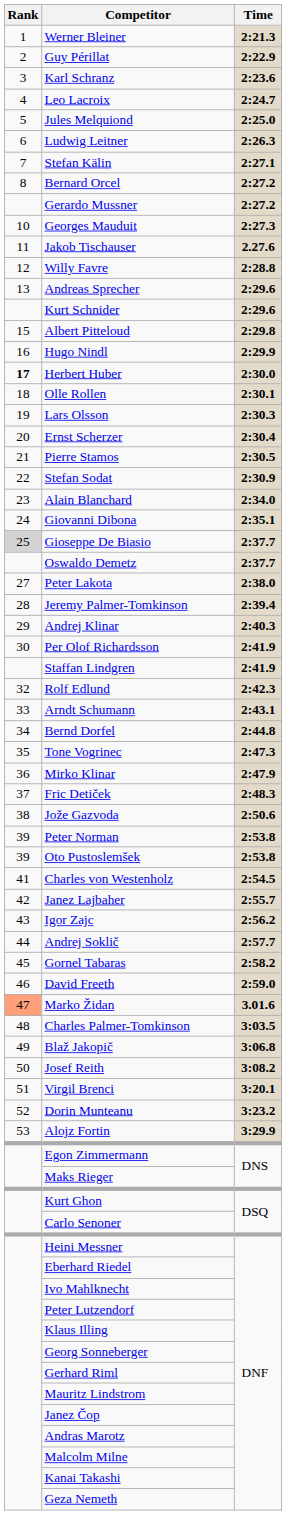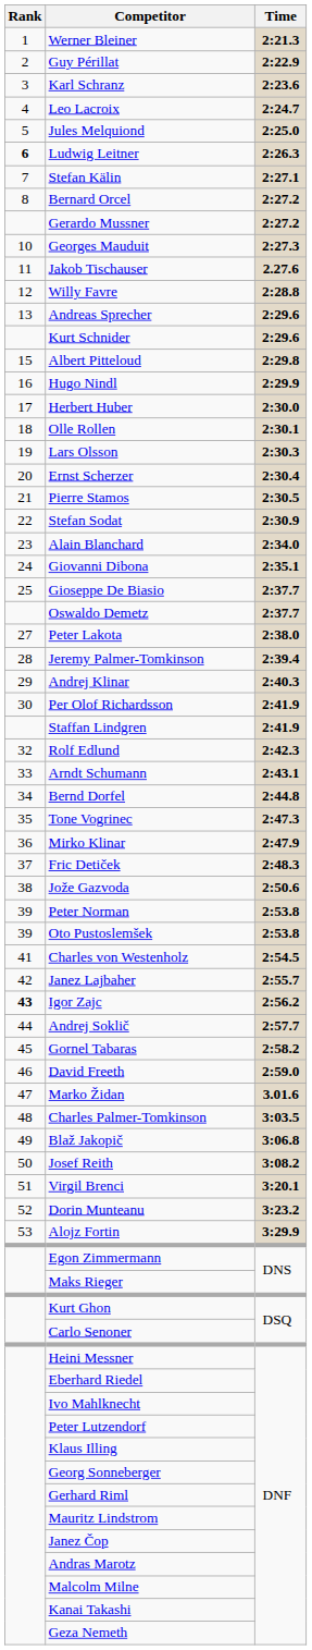 <table class="wikitable">
 <tr>
 <th width=35>Rank</th>
 <th width=225>Competitor</th>
 <th width=50>Time</th>
 </tr>
 <tr>
 <td align=center>1</td>
 <td> <a href='#'>Werner Bleiner</a></td>
 <td align=center bgcolor=#E3DAC9><strong>2:21.3</strong></td>
 </tr>
 <tr>
 <td align=center>2</td>
 <td> <a href='#'>Guy Périllat</a></td>
 <td align=center bgcolor=#E3DAC9><strong>2:22.9</strong></td>
 </tr>
 <tr>
 <td align=center>3</td>
 <td> <a href='#'>Karl Schranz</a></td>
 <td align=center bgcolor=#E3DAC9><strong>2:23.6</strong></td>
 </tr>
 <tr>
 <td align=center>4</td>
 <td> <a href='#'>Leo Lacroix</a></td>
 <td align=center bgcolor=#E3DAC9><strong>2:24.7</strong></td>
 </tr>
 <tr>
 <td align=center>5</td>
 <td> <a href='#'>Jules Melquiond</a></td>
 <td align=center bgcolor=#E3DAC9><strong>2:25.0</strong></td>
 </tr>
 <tr>
-<td align=center>6</td>
+<td align=center><strong>6</strong></td>
 <td> <a href='#'>Ludwig Leitner</a></td>
 <td align=center bgcolor=#E3DAC9><strong>2:26.3</strong></td>
 </tr>
 <tr>
 <td align=center>7</td>
 <td> <a href='#'>Stefan Kälin</a></td>
 <td align=center bgcolor=#E3DAC9><strong>2:27.1</strong></td>
 </tr>
 <tr>
 <td align=center>8</td>
 <td> <a href='#'>Bernard Orcel</a></td>
 <td align=center bgcolor=#E3DAC9><strong>2:27.2</strong></td>
 </tr>
 <tr>
 <td align=center></td>
 <td> <a href='#'>Gerardo Mussner</a></td>
 <td align=center bgcolor=#E3DAC9><strong>2:27.2</strong></td>
 </tr>
 <tr>
 <td align=center>10</td>
 <td> <a href='#'>Georges Mauduit</a></td>
 <td align=center bgcolor=#E3DAC9><strong>2:27.3</strong></td>
 </tr>
 <tr>
 <td align=center>11</td>
 <td> <a href='#'>Jakob Tischauser</a></td>
 <td align=center bgcolor=#E3DAC9><strong>2.27.6</strong></td>
 </tr>
 <tr>
 <td align=center>12</td>
 <td> <a href='#'>Willy Favre</a></td>
 <td align=center bgcolor=#E3DAC9><strong>2:28.8</strong></td>
 </tr>
 <tr>
 <td align=center>13</td>
 <td> <a href='#'>Andreas Sprecher</a></td>
 <td align=center bgcolor=#E3DAC9><strong>2:29.6</strong></td>
 </tr>
 <tr>
 <td></td>
 <td> <a href='#'>Kurt Schnider</a></td>
 <td align=center bgcolor=#E3DAC9><strong>2:29.6</strong></td>
 </tr>
 <tr>
 <td align=center>15</td>
 <td> <a href='#'>Albert Pitteloud</a></td>
 <td align=center bgcolor=#E3DAC9><strong>2:29.8</strong></td>
 </tr>
 <tr>
 <td align=center>16</td>
 <td> <a href='#'>Hugo Nindl</a></td>
 <td align=center bgcolor=#E3DAC9><strong>2:29.9</strong></td>
 </tr>
 <tr>
-<td align=center><strong>17</strong></td>
+<td align=center>17</td>
 <td> <a href='#'>Herbert Huber</a></td>
 <td align=center bgcolor=#E3DAC9><strong>2:30.0</strong></td>
 </tr>
 <tr>
 <td align=center>18</td>
 <td> <a href='#'>Olle Rollen</a></td>
 <td align=center bgcolor=#E3DAC9><strong>2:30.1</strong></td>
 </tr>
 <tr>
 <td align=center>19</td>
 <td> <a href='#'>Lars Olsson</a></td>
 <td align=center bgcolor=#E3DAC9><strong>2:30.3</strong></td>
 </tr>
 <tr>
 <td align=center>20</td>
 <td> <a href='#'>Ernst Scherzer</a></td>
 <td align=center bgcolor=#E3DAC9><strong>2:30.4</strong></td>
 </tr>
 <tr>
 <td align=center>21</td>
 <td> <a href='#'>Pierre Stamos</a></td>
 <td align=center bgcolor=#E3DAC9><strong>2:30.5</strong></td>
 </tr>
 <tr>
 <td align=center>22</td>
 <td> <a href='#'>Stefan Sodat</a></td>
 <td align=center bgcolor=#E3DAC9><strong>2:30.9</strong></td>
 </tr>
 <tr>
 <td align=center>23</td>
 <td> <a href='#'>Alain Blanchard</a></td>
 <td align=center bgcolor=#E3DAC9><strong>2:34.0</strong></td>
 </tr>
 <tr>
 <td align=center>24</td>
 <td> <a href='#'>Giovanni Dibona</a></td>
 <td align=center bgcolor=#E3DAC9><strong>2:35.1</strong></td>
 </tr>
 <tr>
-<td align=center style="background: lightgrey;">25</td>
+<td align=center>25</td>
 <td> <a href='#'>Gioseppe De Biasio</a></td>
 <td align=center bgcolor=#E3DAC9><strong>2:37.7</strong></td>
 </tr>
 <tr>
 <td></td>
 <td> <a href='#'>Oswaldo Demetz</a></td>
 <td align=center bgcolor=#E3DAC9><strong>2:37.7</strong></td>
 </tr>
 <tr>
 <td align=center>27</td>
 <td> <a href='#'>Peter Lakota</a></td>
 <td align=center bgcolor=#E3DAC9><strong>2:38.0</strong></td>
 </tr>
 <tr>
 <td align=center>28</td>
 <td> <a href='#'>Jeremy Palmer-Tomkinson</a></td>
 <td align=center bgcolor=#E3DAC9><strong>2:39.4</strong></td>
 </tr>
 <tr>
 <td align=center>29</td>
 <td> <a href='#'>Andrej Klinar</a></td>
 <td align=center bgcolor=#E3DAC9><strong>2:40.3</strong></td>
 </tr>
 <tr>
 <td align=center>30</td>
 <td> <a href='#'>Per Olof Richardsson</a></td>
 <td align=center bgcolor=#E3DAC9><strong>2:41.9</strong></td>
 </tr>
 <tr>
 <td></td>
 <td> <a href='#'>Staffan Lindgren</a></td>
 <td align=center bgcolor=#E3DAC9><strong>2:41.9</strong></td>
 </tr>
 <tr>
 <td align=center>32</td>
 <td> <a href='#'>Rolf Edlund</a></td>
 <td align=center bgcolor=#E3DAC9><strong>2:42.3</strong></td>
 </tr>
 <tr>
 <td align=center>33</td>
 <td> <a href='#'>Arndt Schumann</a></td>
 <td align=center bgcolor=#E3DAC9><strong>2:43.1</strong></td>
 </tr>
 <tr>
 <td align=center>34</td>
 <td> <a href='#'>Bernd Dorfel</a></td>
 <td align=center bgcolor=#E3DAC9><strong>2:44.8</strong></td>
 </tr>
 <tr>
 <td align=center>35</td>
 <td> <a href='#'>Tone Vogrinec</a></td>
 <td align=center bgcolor=#E3DAC9><strong>2:47.3</strong></td>
 </tr>
 <tr>
 <td align=center>36</td>
 <td> <a href='#'>Mirko Klinar</a></td>
 <td align=center bgcolor=#E3DAC9><strong>2:47.9</strong></td>
 </tr>
 <tr>
 <td align=center>37</td>
 <td> <a href='#'>Fric Detiček</a></td>
 <td align=center bgcolor=#E3DAC9><strong>2:48.3</strong></td>
 </tr>
 <tr>
 <td align=center>38</td>
 <td> <a href='#'>Jože Gazvoda</a></td>
 <td align=center bgcolor=#E3DAC9><strong>2:50.6</strong></td>
 </tr>
 <tr>
 <td align=center>39</td>
 <td> <a href='#'>Peter Norman</a></td>
 <td align=center bgcolor=#E3DAC9><strong>2:53.8</strong></td>
 </tr>
 <tr>
 <td align=center>39</td>
 <td> <a href='#'>Oto Pustoslemšek</a></td>
 <td align=center bgcolor=#E3DAC9><strong>2:53.8</strong></td>
 </tr>
 <tr>
 <td align=center>41</td>
 <td> <a href='#'>Charles von Westenholz</a></td>
 <td align=center bgcolor=#E3DAC9><strong>2:54.5</strong></td>
 </tr>
 <tr>
 <td align=center>42</td>
 <td> <a href='#'>Janez Lajbaher</a></td>
 <td align=center bgcolor=#E3DAC9><strong>2:55.7</strong></td>
 </tr>
 <tr>
-<td align=center>43</td>
+<td align=center><strong>43</strong></td>
 <td> <a href='#'>Igor Zajc</a></td>
 <td align=center bgcolor=#E3DAC9><strong>2:56.2</strong></td>
 </tr>
 <tr>
 <td align=center>44</td>
 <td> <a href='#'>Andrej Soklič</a></td>
 <td align=center bgcolor=#E3DAC9><strong>2:57.7</strong></td>
 </tr>
 <tr>
 <td align=center>45</td>
 <td> <a href='#'>Gornel Tabaras</a></td>
 <td align=center bgcolor=#E3DAC9><strong>2:58.2</strong></td>
 </tr>
 <tr>
 <td align=center>46</td>
 <td> <a href='#'>David Freeth</a></td>
 <td align=center bgcolor=#E3DAC9><strong>2:59.0</strong></td>
 </tr>
 <tr>
-<td align=center style="background: lightsalmon;">47</td>
+<td align=center>47</td>
 <td> <a href='#'>Marko Židan</a></td>
 <td align=center bgcolor=#E3DAC9><strong>3.01.6</strong></td>
 </tr>
 <tr>
 <td align=center>48</td>
 <td> <a href='#'>Charles Palmer-Tomkinson</a></td>
 <td align=center bgcolor=#E3DAC9><strong>3:03.5</strong></td>
 </tr>
 <tr>
 <td align=center>49</td>
 <td> <a href='#'>Blaž Jakopič</a></td>
 <td align=center bgcolor=#E3DAC9><strong>3:06.8</strong></td>
 </tr>
 <tr>
 <td align=center>50</td>
 <td> <a href='#'>Josef Reith</a></td>
 <td align=center bgcolor=#E3DAC9><strong>3:08.2</strong></td>
 </tr>
 <tr>
 <td align=center>51</td>
 <td> <a href='#'>Virgil Brenci</a></td>
 <td align=center bgcolor=#E3DAC9><strong>3:20.1</strong></td>
 </tr>
 <tr>
 <td align=center>52</td>
 <td> <a href='#'>Dorin Munteanu</a></td>
 <td align=center bgcolor=#E3DAC9><strong>3:23.2</strong></td>
 </tr>
 <tr>
 <td align=center>53</td>
 <td> <a href='#'>Alojz Fortin</a></td>
 <td align=center bgcolor=#E3DAC9><strong>3:29.9</strong></td>
 </tr>
 <tr>
 <td rowspan=2 style="border-top-width:5px"></td>
 <td style="border-top-width:5px"> <a href='#'>Egon Zimmermann</a></td>
 <td style="border-top-width:5px" align=center rowspan=2>DNS   	 </td>
 </tr>
 <tr>
 <td> <a href='#'>Maks Rieger</a> 		 	  	 </td>
 </tr>
 <tr>
 <td rowspan=2 style="border-top-width:5px"></td>
 <td style="border-top-width:5px"> <a href='#'>Kurt Ghon</a></td>
 <td style="border-top-width:5px" align=center rowspan=2>DSQ 	  	 </td>
 </tr>
 <tr>
 <td> <a href='#'>Carlo Senoner</a></td>
 </tr>
 <tr>
 <td rowspan=13 style="border-top-width:5px"></td>
 <td style="border-top-width:5px"> <a href='#'>Heini Messner</a></td>
 <td align=center rowspan=13 style="border-top-width:5px">DNF 	  	 </td>
 </tr>
 <tr>
 <td> <a href='#'>Eberhard Riedel</a> 		 </td>
 </tr>
 <tr>
 <td> <a href='#'>Ivo Mahlknecht</a> 		  	 </td>
 </tr>
 <tr>
 <td> <a href='#'>Peter Lutzendorf</a> 		  	 </td>
 </tr>
 <tr>
 <td> <a href='#'>Klaus Illing</a> 	 	 	  	 </td>
 </tr>
 <tr>
 <td> <a href='#'>Georg Sonneberger</a> 		  	 </td>
 </tr>
 <tr>
 <td> <a href='#'>Gerhard Riml</a> 	  	 </td>
 </tr>
 <tr>
 <td> <a href='#'>Mauritz Lindstrom</a> 	  	 </td>
 </tr>
 <tr>
 <td> <a href='#'>Janez Čop</a> 	 	  	 </td>
 </tr>
 <tr>
 <td> <a href='#'>Andras Marotz</a> 	  	 </td>
 </tr>
 <tr>
 <td> <a href='#'>Malcolm Milne</a> 	  	 </td>
 </tr>
 <tr>
 <td> <a href='#'>Kanai Takashi</a>	 	  	 </td>
 </tr>
 <tr>
 <td> <a href='#'>Geza Nemeth</a></td>
 </tr>
 </table>
